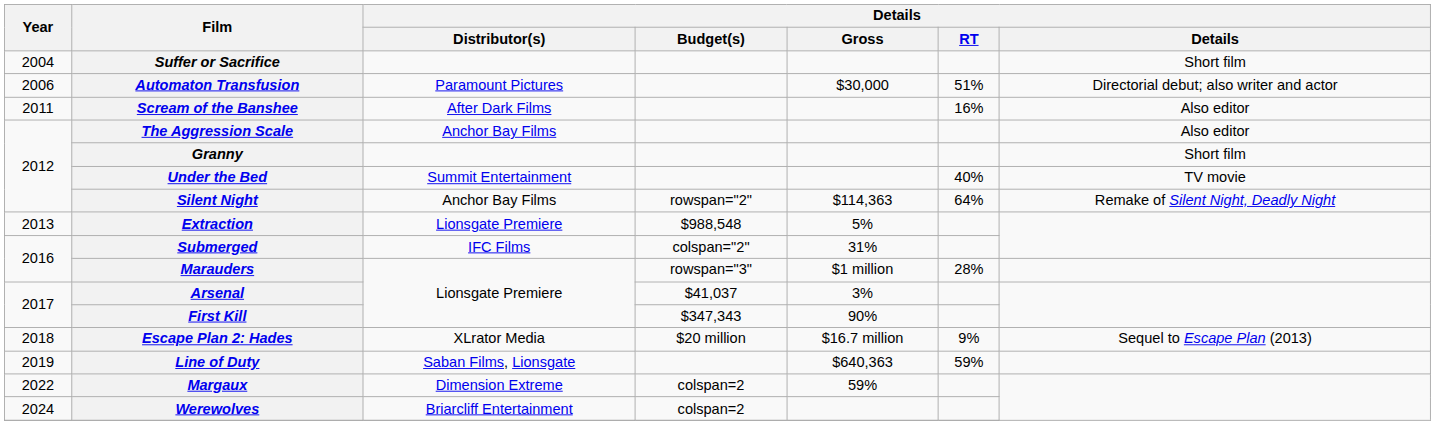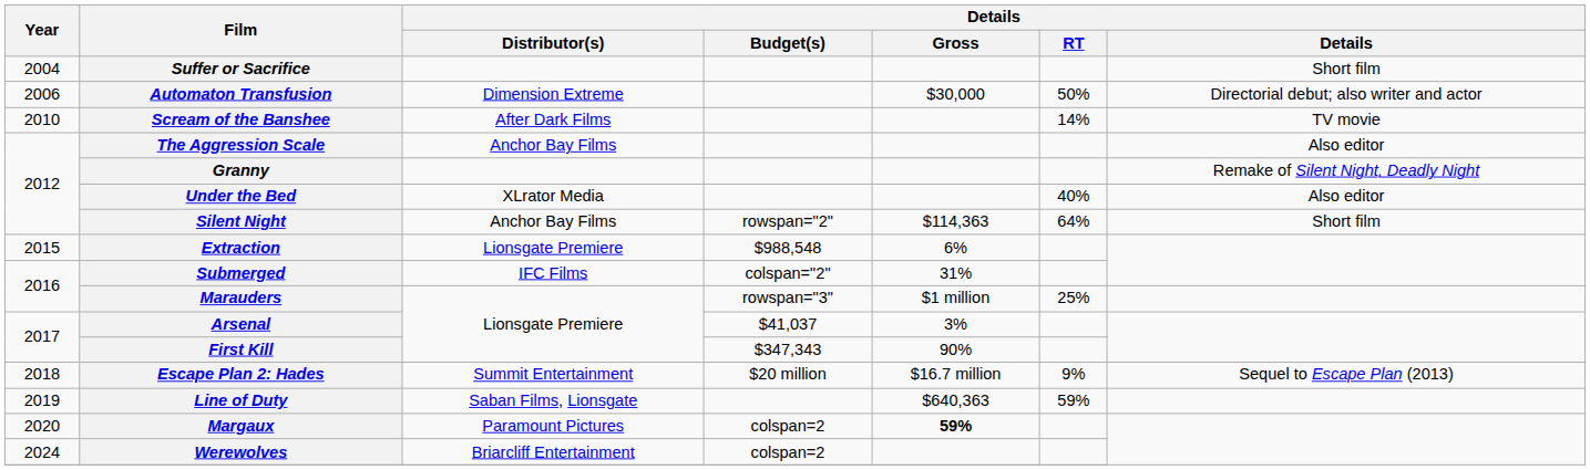 <table class="wikitable sortable" style="text-align:center; width:99%;">
 <tr>
 <th rowspan="2">Year</th>
 <th rowspan="2">Film</th>
 <th colspan="7">Details</th>
 </tr>
 <tr>
 <th>Distributor(s)</th>
 <th>Budget(s)</th>
 <th>Gross</th>
 <th><a href='#'>RT</a></th>
 <th>Details</th>
 </tr>
 <tr>
 <td>2004</td>
 <th><em>Suffer or Sacrifice</em></th>
 <td></td>
 <td></td>
 <td></td>
 <td></td>
 <td>Short film</td>
 </tr>
 <tr>
 <td>2006</td>
 <th><em><a href='#'>Automaton Transfusion</a></em></th>
-<td><a href='#'>Paramount Pictures</a></td>
+<td><a href='#'>Dimension Extreme</a></td>
 <td></td>
 <td>$30,000</td>
-<td>51%</td>
+<td>50%</td>
 <td>Directorial debut; also writer and actor</td>
 </tr>
 <tr>
-<td>2011</td>
+<td>2010</td>
 <th><em><a href='#'>Scream of the Banshee</a></em></th>
 <td><a href='#'>After Dark Films</a></td>
 <td></td>
 <td></td>
-<td>16%</td>
-<td>Also editor</td>
+<td>14%</td>
+<td>TV movie</td>
 </tr>
 <tr>
 <td rowspan="4">2012</td>
 <th><em><a href='#'>The Aggression Scale</a></em></th>
 <td><a href='#'>Anchor Bay Films</a></td>
 <td></td>
 <td></td>
 <td></td>
 <td>Also editor</td>
 </tr>
 <tr>
 <th><em>Granny</em></th>
 <td></td>
 <td></td>
 <td></td>
 <td></td>
-<td>Short film</td>
+<td>Remake of <em><a href='#'>Silent Night, Deadly Night</a></em></td>
 </tr>
 <tr>
 <th><em><a href='#'>Under the Bed</a></em></th>
-<td><a href='#'>Summit Entertainment</a></td>
+<td>XLrator Media</td>
 <td></td>
 <td></td>
 <td>40%</td>
-<td>TV movie</td>
+<td>Also editor</td>
 </tr>
 <tr>
 <th><em><a href='#'>Silent Night</a></em></th>
 <td>Anchor Bay Films</td>
 <td>rowspan="2" </td>
 <td>$114,363</td>
 <td>64%</td>
-<td>Remake of <em><a href='#'>Silent Night, Deadly Night</a></em></td>
+<td>Short film</td>
 </tr>
 <tr>
-<td>2013</td>
+<td>2015</td>
 <th><em><a href='#'>Extraction</a></em></th>
 <td><a href='#'>Lionsgate Premiere</a></td>
 <td>$988,548</td>
-<td>5%</td>
+<td>6%</td>
 <td></td>
 </tr>
 <tr>
 <td rowspan="2">2016</td>
 <th><em><a href='#'>Submerged</a></em></th>
 <td><a href='#'>IFC Films</a></td>
 <td>colspan="2" </td>
 <td>31%</td>
 <td></td>
 </tr>
 <tr>
 <th><em><a href='#'>Marauders</a></em></th>
 <td rowspan="3">Lionsgate Premiere</td>
 <td>rowspan="3" </td>
 <td>$1 million</td>
-<td>28%</td>
+<td>25%</td>
 <td></td>
 </tr>
 <tr>
 <td rowspan="2">2017</td>
 <th><em><a href='#'>Arsenal</a></em></th>
 <td>$41,037</td>
 <td>3%</td>
 <td></td>
 </tr>
 <tr>
 <th><em><a href='#'>First Kill</a></em></th>
 <td>$347,343</td>
 <td>90%</td>
 <td></td>
 </tr>
 <tr>
 <td>2018</td>
 <th><em><a href='#'>Escape Plan 2: Hades</a></em></th>
-<td>XLrator Media</td>
+<td><a href='#'>Summit Entertainment</a></td>
 <td>$20 million</td>
 <td>$16.7 million</td>
 <td>9%</td>
 <td>Sequel to <em><a href='#'>Escape Plan</a></em> (2013)</td>
 </tr>
 <tr>
 <td>2019</td>
 <th><em><a href='#'>Line of Duty</a></em></th>
 <td><a href='#'>Saban Films</a>, <a href='#'>Lionsgate</a></td>
 <td></td>
 <td>$640,363</td>
 <td>59%</td>
 <td></td>
 </tr>
 <tr>
-<td>2022</td>
+<td>2020</td>
 <th><em><a href='#'>Margaux</a></em></th>
-<td><a href='#'>Dimension Extreme</a></td>
+<td><a href='#'>Paramount Pictures</a></td>
 <td>colspan=2 </td>
-<td>59%</td>
+<td><strong>59%</strong></td>
 <td></td>
 </tr>
 <tr>
 <td>2024</td>
 <th><em><a href='#'>Werewolves</a></em></th>
 <td><a href='#'>Briarcliff Entertainment</a></td>
 <td>colspan=2 </td>
 <td></td>
 <td></td>
 </tr>
 <tr>
 </tr>
 </table>
